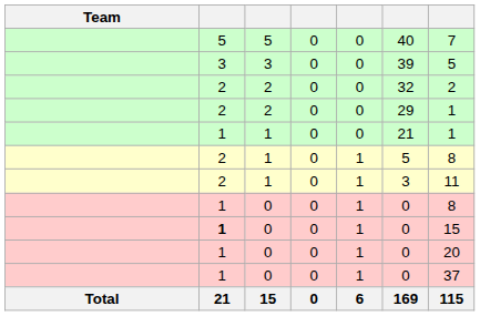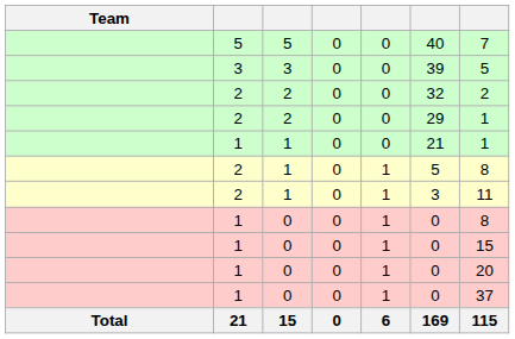 <table class="wikitable" style="font-size:95%; text-align:center">
 <tr>
 <th width=192>Team</th>
 <th width=40></th>
 <th width=40></th>
 <th width=40></th>
 <th width=40></th>
 <th width=40></th>
 <th width=40></th>
 </tr>
 <tr style="background:#ccffcc;">
 <td style="text-align:left;"></td>
 <td>5</td>
 <td>5</td>
 <td>0</td>
 <td>0</td>
 <td>40</td>
 <td>7</td>
 </tr>
 <tr style="background:#ccffcc;">
 <td style="text-align:left;"></td>
 <td>3</td>
 <td>3</td>
 <td>0</td>
 <td>0</td>
 <td>39</td>
 <td>5</td>
 </tr>
 <tr style="background:#ccffcc;">
 <td style="text-align:left;"></td>
 <td>2</td>
 <td>2</td>
 <td>0</td>
 <td>0</td>
 <td>32</td>
 <td>2</td>
 </tr>
 <tr style="background:#ccffcc;">
 <td style="text-align:left;"></td>
 <td>2</td>
 <td>2</td>
 <td>0</td>
 <td>0</td>
 <td>29</td>
 <td>1</td>
 </tr>
 <tr style="background:#ccffcc;">
 <td style="text-align:left;"></td>
 <td>1</td>
 <td>1</td>
 <td>0</td>
 <td>0</td>
 <td>21</td>
 <td>1</td>
 </tr>
 <tr style="background:#ffffcc;">
 <td style="text-align:left;"></td>
 <td>2</td>
 <td>1</td>
 <td>0</td>
 <td>1</td>
 <td>5</td>
 <td>8</td>
 </tr>
 <tr style="background:#ffffcc;">
 <td style="text-align:left;"></td>
 <td>2</td>
 <td>1</td>
 <td>0</td>
 <td>1</td>
 <td>3</td>
 <td>11</td>
 </tr>
 <tr style="background:#ffcccc;">
 <td style="text-align:left;"></td>
 <td>1</td>
 <td>0</td>
 <td>0</td>
 <td>1</td>
 <td>0</td>
 <td>8</td>
 </tr>
 <tr style="background:#ffcccc;">
 <td style="text-align:left;"></td>
-<td><strong>1</strong></td>
+<td>1</td>
 <td>0</td>
 <td>0</td>
 <td>1</td>
 <td>0</td>
 <td>15</td>
 </tr>
 <tr style="background:#ffcccc;">
 <td style="text-align:left;"></td>
 <td>1</td>
 <td>0</td>
 <td>0</td>
 <td>1</td>
 <td>0</td>
 <td>20</td>
 </tr>
 <tr style="background:#ffcccc;">
 <td style="text-align:left;"></td>
 <td>1</td>
 <td>0</td>
 <td>0</td>
 <td>1</td>
 <td>0</td>
 <td>37</td>
 </tr>
 <tr>
 <th>Total</th>
 <th>21</th>
 <th>15</th>
 <th>0</th>
 <th>6</th>
 <th>169</th>
 <th>115</th>
 </tr>
 </table>
